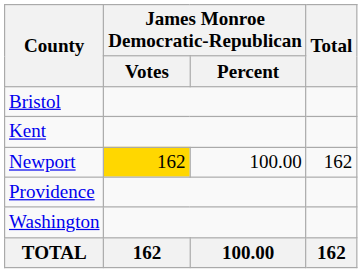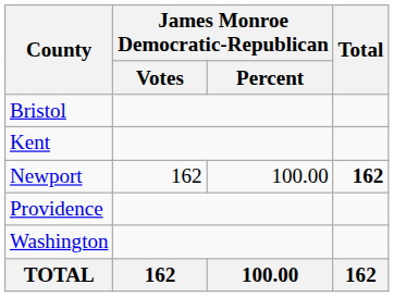 <table class="wikitable sortable">
 <tr>
 <th rowspan=2>County</th>
 <th colspan=2>James Monroe<br>Democratic-Republican</th>
 <th rowspan=2>Total</th>
 </tr>
 <tr>
 <th>Votes</th>
 <th>Percent</th>
 </tr>
 <tr>
 <td><a href='#'>Bristol</a></td>
 <td align=right colspan=2></td>
 <td align=right></td>
 </tr>
 <tr>
 <td><a href='#'>Kent</a></td>
 <td align=right colspan=2></td>
 <td align=right></td>
 </tr>
 <tr>
 <td><a href='#'>Newport</a></td>
-<td align=right style="background: gold;">162</td>
+<td align=right>162</td>
 <td align=right>100.00</td>
-<td align=right>162</td>
+<td align=right><strong>162</strong></td>
 </tr>
 <tr>
 <td><a href='#'>Providence</a></td>
 <td align=right colspan=2></td>
 <td align=right></td>
 </tr>
 <tr>
 <td><a href='#'>Washington</a></td>
 <td align=right colspan=2></td>
 <td align=right></td>
 </tr>
 <tr>
 <th>TOTAL</th>
 <th>162</th>
 <th>100.00</th>
 <th>162</th>
 </tr>
 </table>
